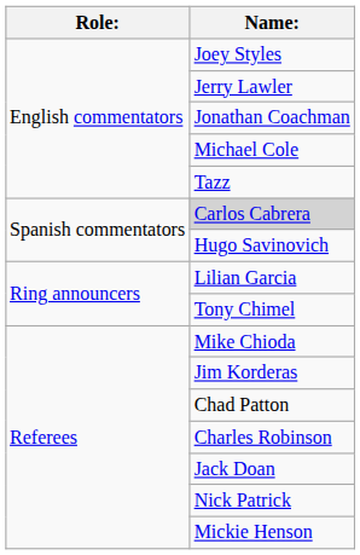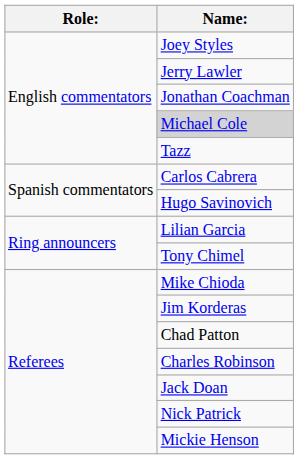 <table class=wikitable style="font-size:90%; margin: 0.5em 0 0.5em 1em; float: right; clear: right;">
 <tr>
 <th>Role:</th>
 <th>Name:</th>
 </tr>
 <tr>
 <td rowspan=5>English <a href='#'>commentators</a></td>
 <td><a href='#'>Joey Styles</a> </td>
 </tr>
 <tr>
 <td><a href='#'>Jerry Lawler</a> </td>
 </tr>
 <tr>
 <td><a href='#'>Jonathan Coachman</a> </td>
 </tr>
 <tr>
-<td><a href='#'>Michael Cole</a> </td>
+<td style="background: lightgrey;"><a href='#'>Michael Cole</a> </td>
 </tr>
 <tr>
 <td><a href='#'>Tazz</a> </td>
 </tr>
 <tr>
 <td rowspan=2>Spanish commentators</td>
-<td style="background: lightgrey;"><a href='#'>Carlos Cabrera</a></td>
+<td><a href='#'>Carlos Cabrera</a></td>
 </tr>
 <tr>
 <td><a href='#'>Hugo Savinovich</a></td>
 </tr>
 <tr>
 <td rowspan=2><a href='#'>Ring announcers</a></td>
 <td><a href='#'>Lilian Garcia</a> </td>
 </tr>
 <tr>
 <td><a href='#'>Tony Chimel</a> </td>
 </tr>
 <tr>
 <td rowspan=7><a href='#'>Referees</a></td>
 <td><a href='#'>Mike Chioda</a> </td>
 </tr>
 <tr>
 <td><a href='#'>Jim Korderas</a> </td>
 </tr>
 <tr>
 <td>Chad Patton </td>
 </tr>
 <tr>
 <td><a href='#'>Charles Robinson</a> </td>
 </tr>
 <tr>
 <td><a href='#'>Jack Doan</a> </td>
 </tr>
 <tr>
 <td><a href='#'>Nick Patrick</a> </td>
 </tr>
 <tr>
 <td><a href='#'>Mickie Henson</a> </td>
 </tr>
 </table>
